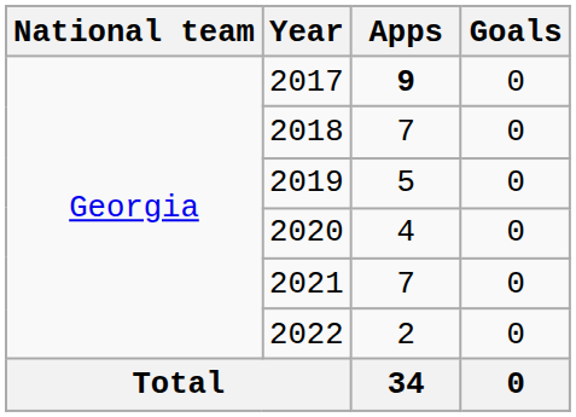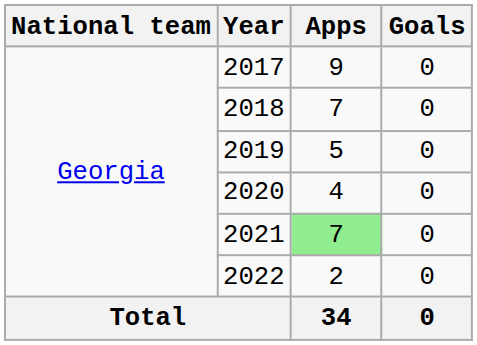 <table class="wikitable" style="text-align:center">
 <tr>
 <th>National team</th>
 <th>Year</th>
 <th width="40">Apps</th>
 <th width="40">Goals</th>
 </tr>
 <tr>
 <td rowspan="6"><a href='#'>Georgia</a></td>
 <td>2017</td>
-<td><strong>9</strong></td>
+<td>9</td>
 <td>0</td>
 </tr>
 <tr>
 <td>2018</td>
 <td>7</td>
 <td>0</td>
 </tr>
 <tr>
 <td>2019</td>
 <td>5</td>
 <td>0</td>
 </tr>
 <tr>
 <td>2020</td>
 <td>4</td>
 <td>0</td>
 </tr>
 <tr>
 <td>2021</td>
-<td>7</td>
+<td style="background: lightgreen;">7</td>
 <td>0</td>
 </tr>
 <tr>
 <td>2022</td>
 <td>2</td>
 <td>0</td>
 </tr>
 <tr>
 <th colspan="2">Total</th>
 <th>34</th>
 <th>0</th>
 </tr>
 </table>
